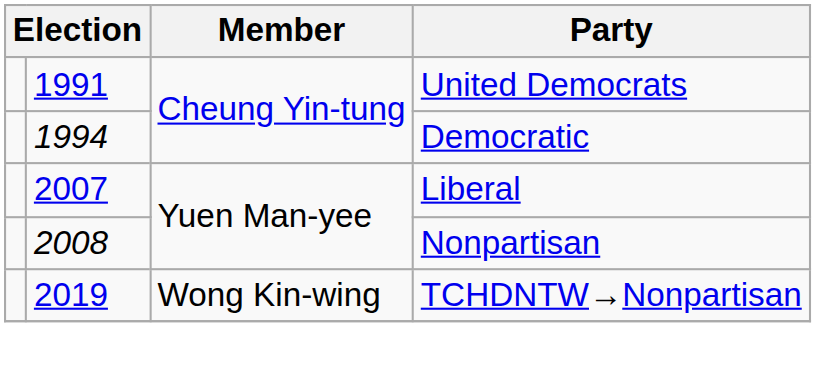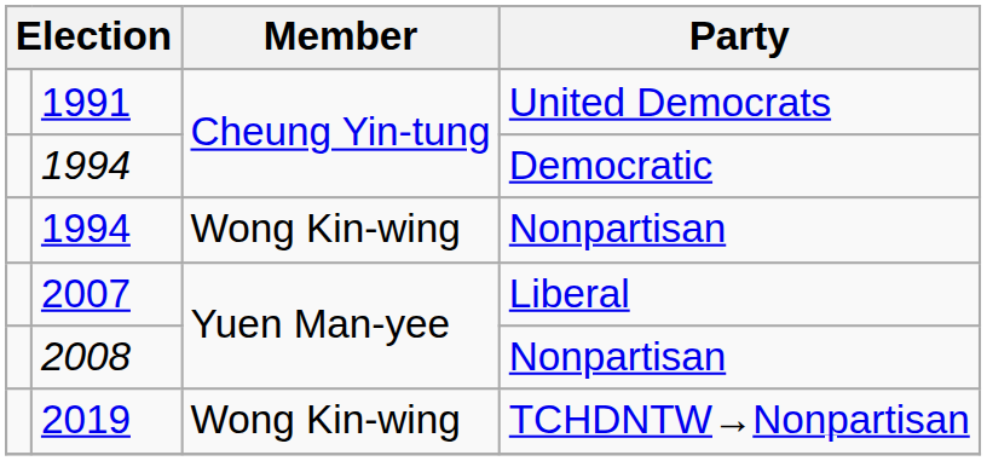 <table class="wikitable">
 <tr>
 <th colspan="2">Election</th>
 <th>Member</th>
 <th>Party</th>
 </tr>
 <tr>
 <td style="color:inherit;background:"></td>
 <td><a href='#'>1991</a></td>
 <td rowspan=2><a href='#'>Cheung Yin-tung</a></td>
 <td><a href='#'>United Democrats</a></td>
 </tr>
 <tr>
 <td style="color:inherit;background:"></td>
 <td><em>1994</em></td>
 <td><a href='#'>Democratic</a></td>
+</tr>
+<tr>
+<td style="color:inherit;background:"></td>
+<td><a href='#'>1994</a></td>
+<td>Wong Kin-wing</td>
+<td><a href='#'>Nonpartisan</a></td>
 </tr>
 <tr>
 <td style="color:inherit;background:"></td>
 <td><a href='#'>2007</a></td>
 <td rowspan=2>Yuen Man-yee</td>
 <td><a href='#'>Liberal</a></td>
 </tr>
 <tr>
 <td style="color:inherit;background:"></td>
 <td><em>2008</em></td>
 <td><a href='#'>Nonpartisan</a></td>
 </tr>
 <tr>
 <td style="color:inherit;background:"></td>
 <td><a href='#'>2019</a></td>
 <td>Wong Kin-wing</td>
 <td><a href='#'>TCHDNTW</a>→<a href='#'>Nonpartisan</a></td>
 </tr>
 <tr>
 </tr>
 </table>
